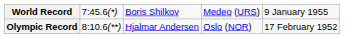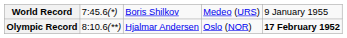 <table class="wikitable" style="font-size:95%;">
 <tr>
 <th>World Record</th>
 <td>7:45.6<em>(*)</em></td>
 <td> <a href='#'>Boris Shilkov</a></td>
 <td><a href='#'>Medeo</a> (<a href='#'>URS</a>)</td>
 <td>9 January 1955</td>
 </tr>
 <tr>
 <th>Olympic Record</th>
 <td>8:10.6<em>(**)</em></td>
 <td> <a href='#'>Hjalmar Andersen</a></td>
 <td><a href='#'>Oslo</a> (<a href='#'>NOR</a>)</td>
-<td>17 February 1952</td>
+<td><strong>17 February 1952</strong></td>
 </tr>
 </table>
